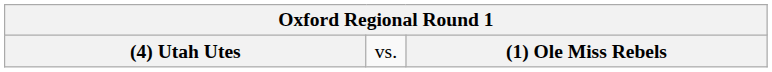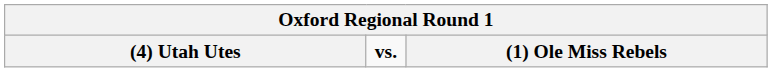 <table class="wikitable">
 <tr>
 <th style="width: 604px;" colspan=3>Oxford Regional Round 1</th>
 </tr>
 <tr>
 <th style="width: 289px; ">(4) Utah Utes</th>
-<td style="width: 25px; text-align:center">vs.</td>
+<td style="width: 25px; text-align:center"><strong>vs.</strong></td>
 <th style="width: 289px; ">(1) Ole Miss Rebels</th>
 </tr>
 </table>
